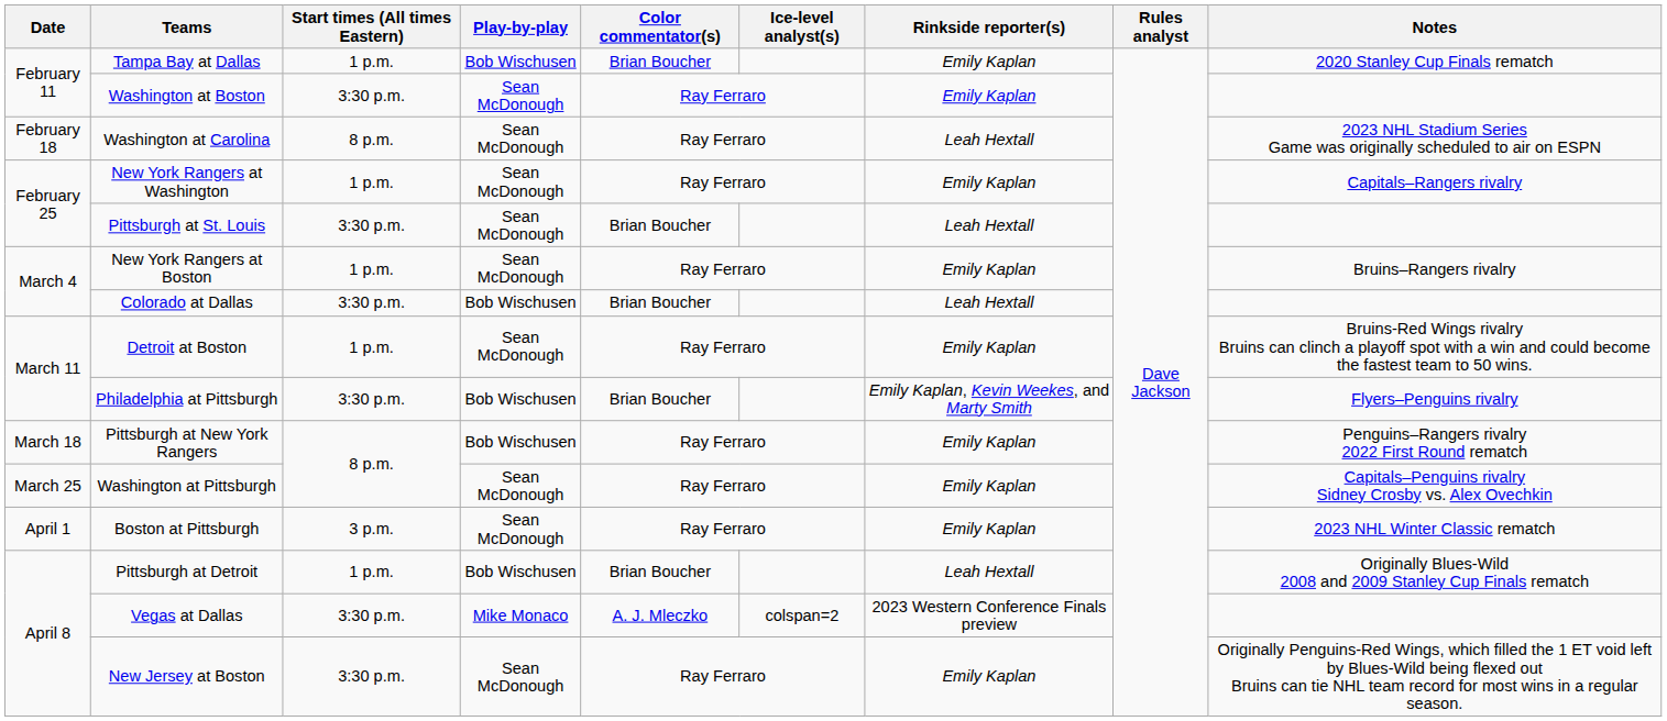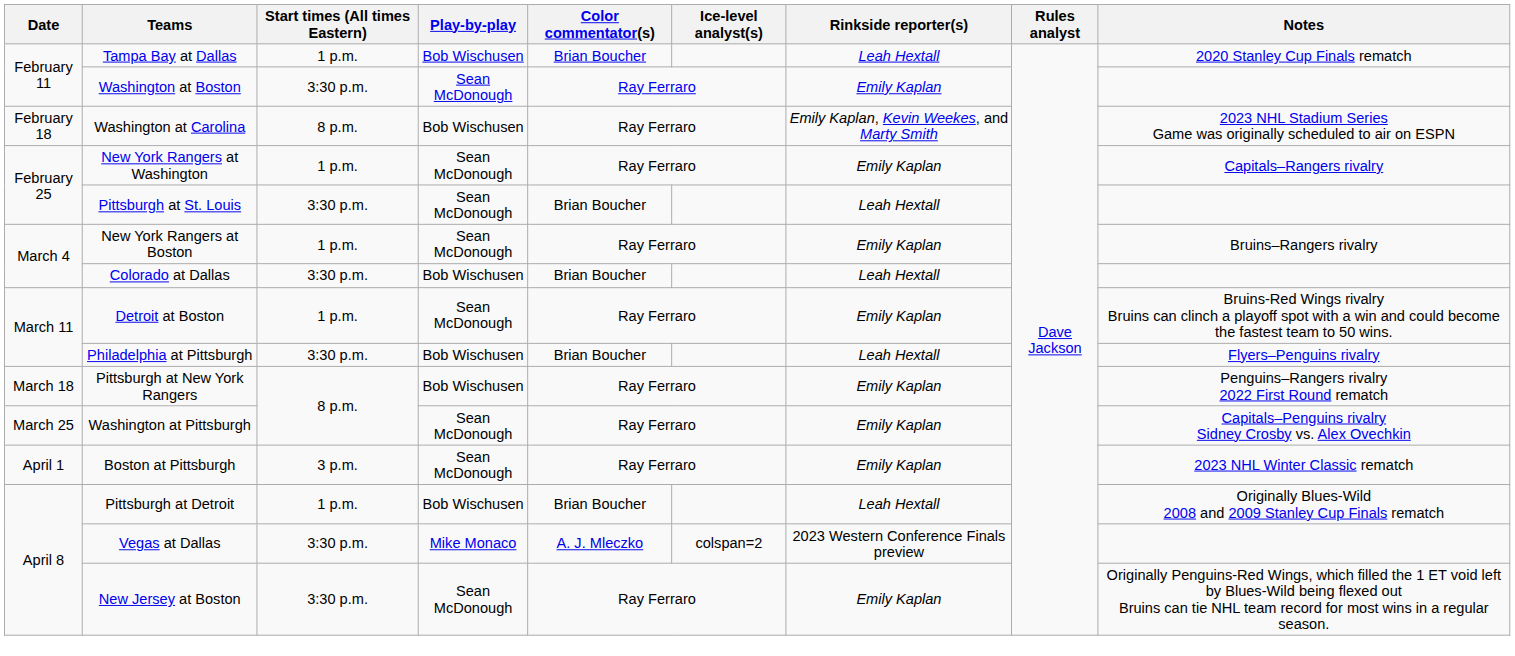 <table class="wikitable sortable" style="font-size:95%;text-align:center;">
 <tr>
 <th>Date</th>
 <th>Teams</th>
 <th>Start times (All times Eastern)</th>
 <th><a href='#'>Play-by-play</a></th>
 <th><a href='#'>Color commentator</a>(s)</th>
 <th>Ice-level analyst(s)</th>
 <th>Rinkside reporter(s)</th>
 <th>Rules analyst</th>
 <th>Notes</th>
 </tr>
 <tr>
 <td rowspan=2>February 11</td>
 <td><a href='#'>Tampa Bay</a> at <a href='#'>Dallas</a></td>
 <td>1 p.m.</td>
 <td><a href='#'>Bob Wischusen</a></td>
 <td><a href='#'>Brian Boucher</a></td>
 <td></td>
-<td><em>Emily Kaplan</em></td>
+<td><em><a href='#'>Leah Hextall</a></em></td>
 <td rowspan="15"><a href='#'>Dave Jackson</a></td>
 <td><a href='#'>2020 Stanley Cup Finals</a> rematch</td>
 </tr>
 <tr>
 <td><a href='#'>Washington</a> at <a href='#'>Boston</a></td>
 <td>3:30 p.m.</td>
 <td><a href='#'>Sean McDonough</a></td>
 <td colspan="2"><a href='#'>Ray Ferraro</a></td>
 <td><em><a href='#'>Emily Kaplan</a></em></td>
 </tr>
 <tr>
 <td>February 18</td>
 <td>Washington at <a href='#'>Carolina</a></td>
 <td>8 p.m.</td>
-<td>Sean McDonough</td>
+<td>Bob Wischusen</td>
 <td colspan="2">Ray Ferraro</td>
-<td><em>Leah Hextall</em></td>
+<td><em>Emily Kaplan</em>, <em><a href='#'>Kevin Weekes</a></em>, and <em><a href='#'>Marty Smith</a></em></td>
 <td><a href='#'>2023 NHL Stadium Series</a><br>Game was originally scheduled to air on ESPN</td>
 </tr>
 <tr>
 <td rowspan=2>February 25</td>
 <td><a href='#'>New York Rangers</a> at Washington</td>
 <td>1 p.m.</td>
 <td>Sean McDonough</td>
 <td colspan="2">Ray Ferraro</td>
 <td><em>Emily Kaplan</em></td>
 <td><a href='#'>Capitals–Rangers rivalry</a></td>
 </tr>
 <tr>
 <td><a href='#'>Pittsburgh</a> at <a href='#'>St. Louis</a></td>
 <td>3:30 p.m.</td>
 <td>Sean McDonough</td>
 <td>Brian Boucher</td>
 <td></td>
 <td><em>Leah Hextall</em></td>
 </tr>
 <tr>
 <td rowspan=2>March 4</td>
 <td>New York Rangers at Boston</td>
 <td>1 p.m.</td>
 <td>Sean McDonough</td>
 <td colspan=2>Ray Ferraro</td>
 <td><em>Emily Kaplan</em></td>
 <td>Bruins–Rangers rivalry</td>
 </tr>
 <tr>
 <td><a href='#'>Colorado</a> at Dallas</td>
 <td>3:30 p.m.</td>
 <td>Bob Wischusen</td>
 <td>Brian Boucher</td>
 <td></td>
 <td><em>Leah Hextall</em></td>
 <td></td>
 </tr>
 <tr>
 <td rowspan=2>March 11</td>
 <td><a href='#'>Detroit</a> at Boston</td>
 <td>1 p.m.</td>
 <td>Sean McDonough</td>
 <td colspan=2>Ray Ferraro</td>
 <td><em>Emily Kaplan</em></td>
 <td>Bruins-Red Wings rivalry<br>Bruins can clinch a playoff spot with a win and could become the fastest team to 50 wins.</td>
 </tr>
 <tr>
 <td><a href='#'>Philadelphia</a> at Pittsburgh</td>
 <td>3:30 p.m.</td>
 <td>Bob Wischusen</td>
 <td>Brian Boucher</td>
 <td></td>
-<td><em>Emily Kaplan</em>, <em><a href='#'>Kevin Weekes</a></em>, and <em><a href='#'>Marty Smith</a></em></td>
+<td><em>Leah Hextall</em></td>
 <td><a href='#'>Flyers–Penguins rivalry</a></td>
 </tr>
 <tr>
 <td>March 18</td>
 <td>Pittsburgh at New York Rangers</td>
 <td rowspan=2>8 p.m.</td>
 <td>Bob Wischusen</td>
 <td colspan="2">Ray Ferraro</td>
 <td><em>Emily Kaplan</em></td>
 <td>Penguins–Rangers rivalry<br><a href='#'>2022 First Round</a> rematch</td>
 </tr>
 <tr>
 <td>March 25</td>
 <td>Washington at Pittsburgh</td>
 <td>Sean McDonough</td>
 <td colspan="2">Ray Ferraro</td>
 <td><em>Emily Kaplan</em></td>
 <td><a href='#'>Capitals–Penguins rivalry</a><br><a href='#'>Sidney Crosby</a> vs. <a href='#'>Alex Ovechkin</a></td>
 </tr>
 <tr>
 <td>April 1</td>
 <td>Boston at Pittsburgh</td>
 <td>3 p.m.</td>
 <td>Sean McDonough</td>
 <td colspan="2">Ray Ferraro</td>
 <td><em>Emily Kaplan</em></td>
 <td><a href='#'>2023 NHL Winter Classic</a> rematch</td>
 </tr>
 <tr>
 <td rowspan=3>April 8</td>
 <td>Pittsburgh at Detroit</td>
 <td>1 p.m.</td>
 <td>Bob Wischusen</td>
 <td>Brian Boucher</td>
 <td></td>
 <td><em>Leah Hextall</em></td>
 <td>Originally Blues-Wild<br><a href='#'>2008</a> and <a href='#'>2009 Stanley Cup Finals</a> rematch</td>
 </tr>
 <tr>
 <td><a href='#'>Vegas</a> at Dallas</td>
 <td>3:30 p.m.</td>
 <td><a href='#'>Mike Monaco</a></td>
 <td><a href='#'>A. J. Mleczko</a></td>
 <td>colspan=2 </td>
 <td>2023 Western Conference Finals preview</td>
 </tr>
 <tr>
 <td><a href='#'>New Jersey</a> at Boston</td>
 <td>3:30 p.m.</td>
 <td>Sean McDonough</td>
 <td colspan=2>Ray Ferraro</td>
 <td><em>Emily Kaplan</em></td>
 <td>Originally Penguins-Red Wings, which filled the 1 ET void left by Blues-Wild being flexed out<br>Bruins can tie NHL team record for most wins in a regular season.</td>
 </tr>
 </table>
